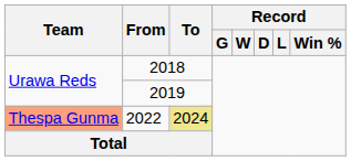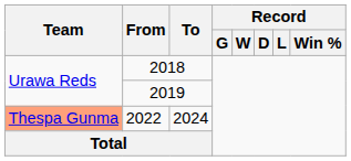 <table class="wikitable" style="text-align: center">
 <tr>
 <th rowspan="2">Team</th>
 <th rowspan="2">From</th>
 <th rowspan="2">To</th>
 <th colspan="5">Record</th>
 </tr>
 <tr>
 <th>G</th>
 <th>W</th>
 <th>D</th>
 <th>L</th>
 <th>Win %</th>
 </tr>
 <tr>
 <td rowspan="2" align="left"><a href='#'>Urawa Reds</a></td>
 <td colspan="2">2018<br></td>
 </tr>
 <tr>
 <td colspan="2">2019<br></td>
 </tr>
 <tr>
 <td align="left" style="background: lightsalmon;"><a href='#'>Thespa Gunma</a></td>
 <td align="left">2022</td>
-<td align="left" style="background: khaki;">2024<br></td>
+<td align="left">2024<br></td>
 </tr>
 <tr>
 <th colspan="3">Total<br></th>
 </tr>
 </table>
